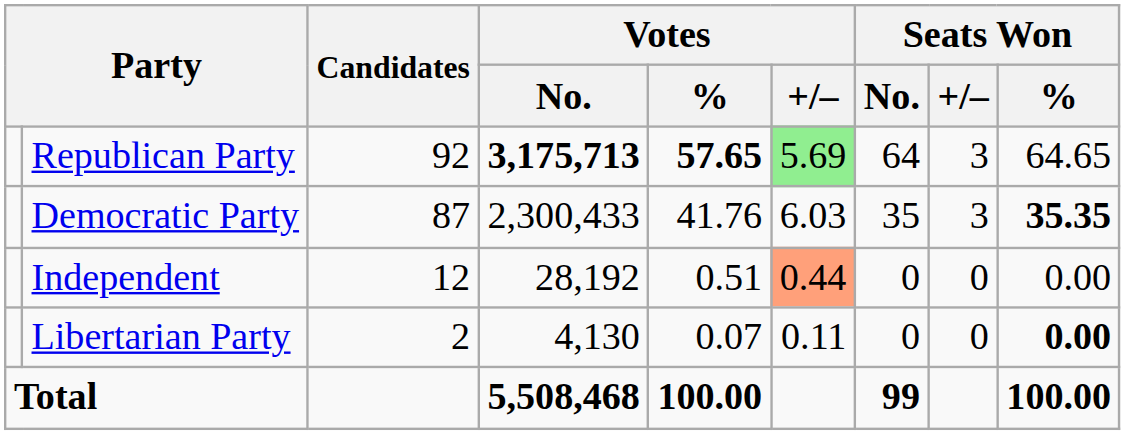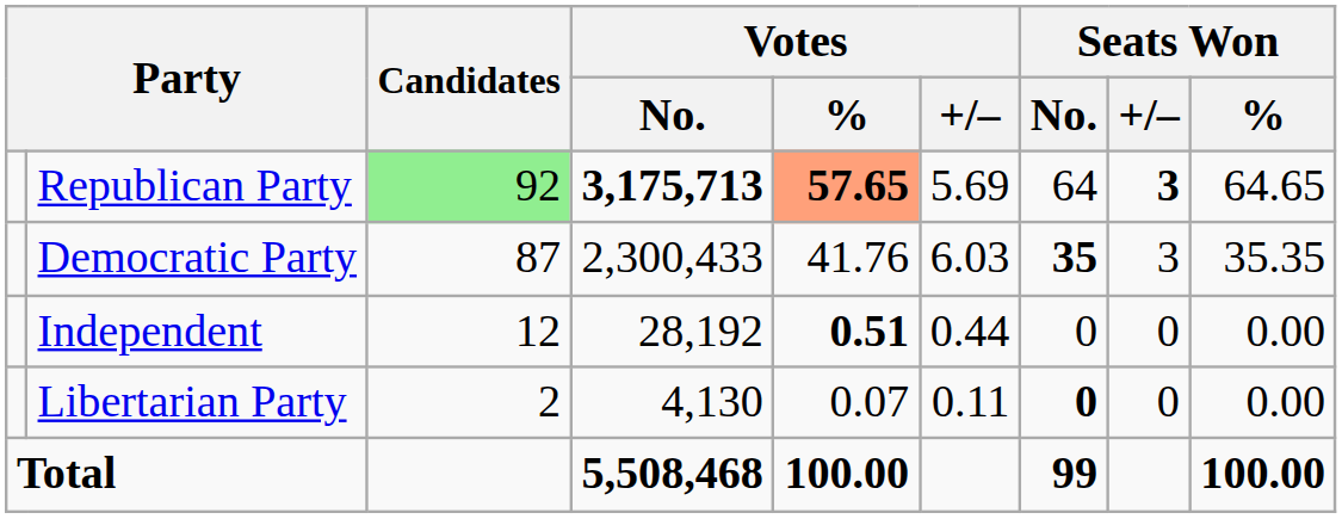 <table class="wikitable" style="font-size:100%; text-align:right;">
 <tr>
 <th colspan="2" rowspan="2">Party</th>
 <th rowspan="2"><small>Candidates</small></th>
 <th colspan="3">Votes</th>
 <th colspan="3">Seats Won</th>
 </tr>
 <tr>
 <th>No.</th>
 <th>%</th>
 <th>+/–</th>
 <th>No.</th>
 <th>+/–</th>
 <th>%</th>
 </tr>
 <tr>
 <td style="background:"></td>
 <td align="left"><a href='#'>Republican Party</a></td>
-<td>92</td>
+<td style="background: lightgreen;">92</td>
 <td><strong>3,175,713</strong></td>
-<td><strong>57.65</strong></td>
-<td style="background: lightgreen;"> 5.69</td>
+<td style="background: lightsalmon;"><strong>57.65</strong></td>
+<td> 5.69</td>
 <td>64</td>
-<td> 3</td>
+<td><strong> 3</strong></td>
 <td>64.65</td>
 </tr>
 <tr>
 <td style="background:"></td>
 <td align="left"><a href='#'>Democratic Party</a></td>
 <td>87</td>
 <td>2,300,433</td>
 <td>41.76</td>
 <td> 6.03</td>
-<td>35</td>
+<td><strong>35</strong></td>
 <td> 3</td>
-<td><strong>35.35</strong></td>
+<td>35.35</td>
 </tr>
 <tr>
 <td style="background:"></td>
 <td align="left"><a href='#'>Independent</a></td>
 <td>12</td>
 <td>28,192</td>
-<td>0.51</td>
-<td style="background: lightsalmon;"> 0.44</td>
+<td><strong>0.51</strong></td>
+<td> 0.44</td>
 <td>0</td>
 <td> 0</td>
 <td>0.00</td>
 </tr>
 <tr>
 <td style="background:"></td>
 <td align="left"><a href='#'>Libertarian Party</a></td>
 <td>2</td>
 <td>4,130</td>
 <td>0.07</td>
 <td> 0.11</td>
-<td>0</td>
+<td><strong>0</strong></td>
 <td> 0</td>
-<td><strong>0.00</strong></td>
+<td>0.00</td>
 </tr>
 <tr style="font-weight:bold">
 <td colspan="2" align="left">Total</td>
 <td></td>
 <td>5,508,468</td>
 <td>100.00</td>
 <td></td>
 <td>99</td>
 <td></td>
 <td>100.00</td>
 </tr>
 </table>
